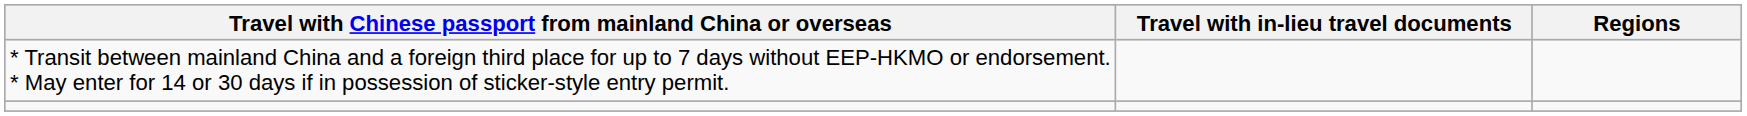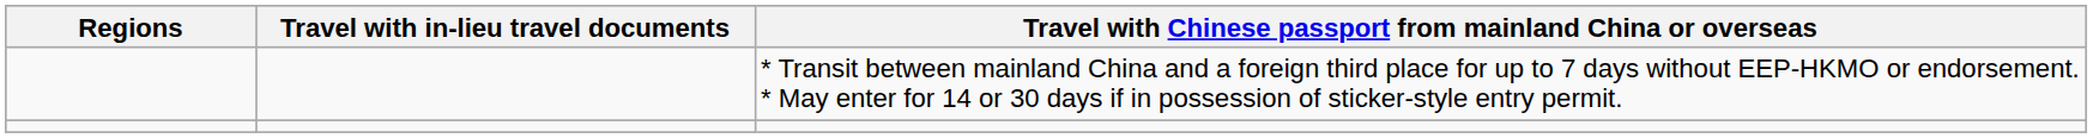 <table class="wikitable" style="text-align: left; font-size: smaller; table-layout: fixed; ">
 <tr>
+<th style="width:12%;">Regions</th>
+<th style="width:24%;">Travel with in-lieu travel documents</th>
 <th>Travel with <a href='#'>Chinese passport</a> from mainland China or overseas</th>
-<th style="width:24%;">Travel with in-lieu travel documents</th>
-<th style="width:12%;">Regions</th>
 </tr>
 <tr>
-<td> * Transit between mainland China and a foreign third place for up to 7 days without EEP-HKMO or endorsement.<br> * May enter for 14 or 30 days if in possession of sticker-style entry permit.</td>
 <td></td>
 <td></td>
+<td> * Transit between mainland China and a foreign third place for up to 7 days without EEP-HKMO or endorsement.<br> * May enter for 14 or 30 days if in possession of sticker-style entry permit.</td>
 </tr>
 <tr>
 <td></td>
 <td></td>
 <td></td>
 </tr>
 </table>
